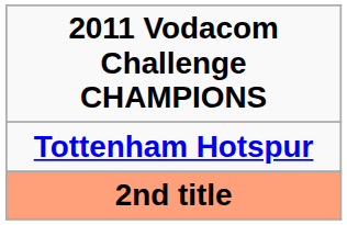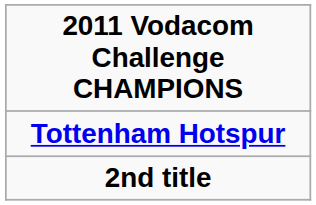 <table class="wikitable" style="text-align: center; margin: 0 auto; width: 20%">
 <tr>
 <td><strong>2011 Vodacom Challenge</strong><br><strong>CHAMPIONS</strong><br></td>
 </tr>
 <tr>
 <td><strong><a href='#'>Tottenham Hotspur</a></strong></td>
 </tr>
 <tr>
-<td style="background: lightsalmon;"><strong>2nd title </strong></td>
+<td><strong>2nd title </strong></td>
 </tr>
 </table>
